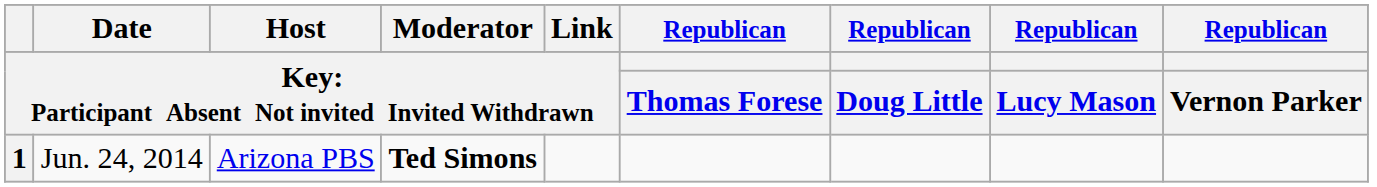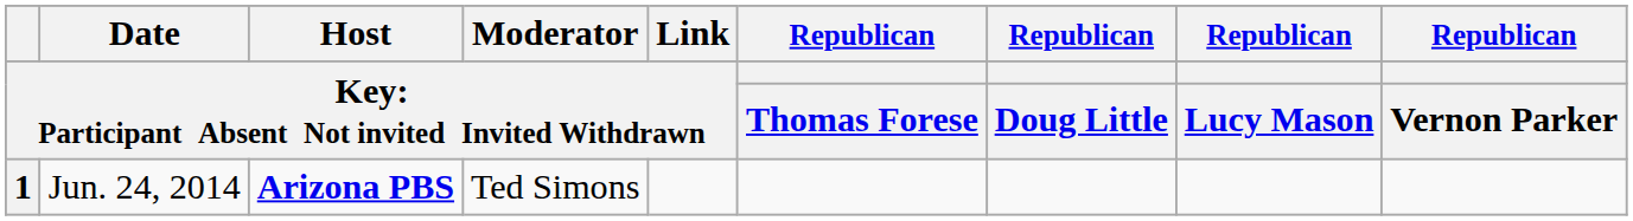 <table class="wikitable" style="text-align:center;">
 <tr>
 <th scope="col"></th>
 <th scope="col">Date</th>
 <th scope="col">Host</th>
 <th scope="col">Moderator</th>
 <th scope="col">Link</th>
 <th scope="col"><small><a href='#'>Republican</a></small></th>
 <th scope="col"><small><a href='#'>Republican</a></small></th>
 <th scope="col"><small><a href='#'>Republican</a></small></th>
 <th scope="col"><small><a href='#'>Republican</a></small></th>
 </tr>
 <tr>
 <th colspan="5" rowspan="2">Key:<br> <small>Participant </small>  <small>Absent </small>  <small>Not invited </small>  <small>Invited  Withdrawn</small></th>
 <th scope="col" style="background:"></th>
 <th scope="col" style="background:"></th>
 <th scope="col" style="background:"></th>
 <th scope="col" style="background:"></th>
 </tr>
 <tr>
 <th scope="col"><a href='#'>Thomas Forese</a></th>
 <th scope="col"><a href='#'>Doug Little</a></th>
 <th scope="col"><a href='#'>Lucy Mason</a></th>
 <th scope="col">Vernon Parker</th>
 </tr>
 <tr>
 <th>1</th>
 <td style="white-space:nowrap;">Jun. 24, 2014</td>
-<td style="white-space:nowrap;"><a href='#'>Arizona PBS</a></td>
-<td style="white-space:nowrap;"><strong>Ted Simons</strong></td>
+<td style="white-space:nowrap;"><strong><a href='#'>Arizona PBS</a></strong></td>
+<td style="white-space:nowrap;">Ted Simons</td>
 <td style="white-space:nowrap;"></td>
 <td></td>
 <td></td>
 <td></td>
 <td></td>
 </tr>
 </table>
